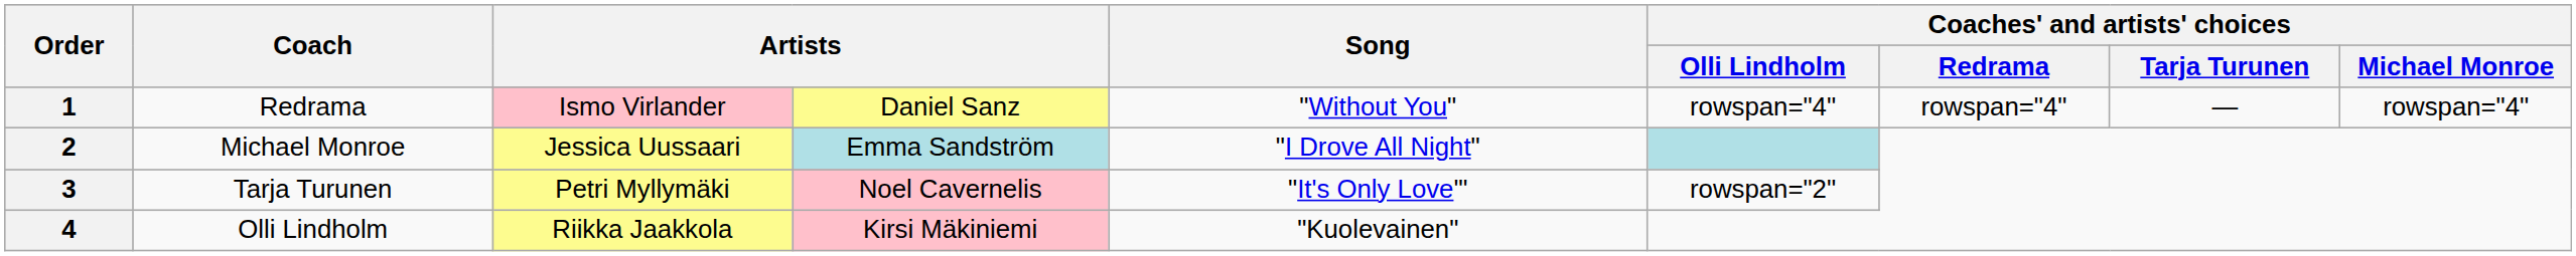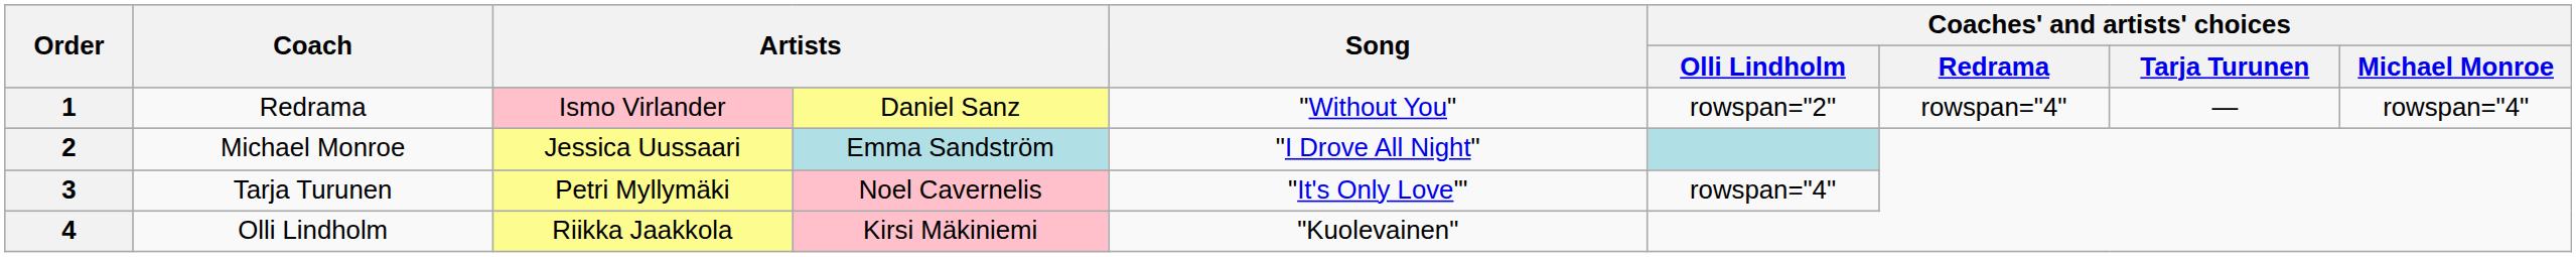 <table class="wikitable" style="text-align:center; width:100%;">
 <tr>
 <th scope="col" style="width:05%;" rowspan=2>Order</th>
 <th scope="col" style="width:14%;" rowspan=2>Coach</th>
 <th scope="col" style="width:24%;" colspan=2 rowspan=2>Artists</th>
 <th scope="col" style="width:21%;" rowspan=2>Song</th>
 <th scope="col" style="width:36%;" colspan=4>Coaches' and artists' choices</th>
 </tr>
 <tr>
 <th style="width:09%;"><a href='#'>Olli Lindholm</a></th>
 <th style="width:09%;"><a href='#'>Redrama</a></th>
 <th style="width:09%;"><a href='#'>Tarja Turunen</a></th>
 <th style="width:09%;"><a href='#'>Michael Monroe</a></th>
 </tr>
 <tr>
 <th scope="col">1</th>
 <td>Redrama</td>
 <td style="background:pink; text-align:center;">Ismo Virlander</td>
 <td style="background:#fdfc8f; text-align:center;">Daniel Sanz</td>
 <td>"<a href='#'>Without You</a>"</td>
-<td>rowspan="4" </td>
+<td>rowspan="2" </td>
 <td>rowspan="4" </td>
 <td>—</td>
 <td>rowspan="4" </td>
 </tr>
 <tr>
 <th scope="col">2</th>
 <td>Michael Monroe</td>
 <td style="background:#fdfc8f; text-align:center;">Jessica Uussaari</td>
 <td style="background:#B0E0E6; text-align:center;">Emma Sandström</td>
 <td>"<a href='#'>I Drove All Night</a>"</td>
 <td style="background:#b0e0e6;"><strong></strong></td>
 </tr>
 <tr>
 <th scope="col">3</th>
 <td>Tarja Turunen</td>
 <td style="background:#fdfc8f; text-align:center;">Petri Myllymäki</td>
 <td style="background:pink; text-align:center;">Noel Cavernelis</td>
 <td>"<a href='#'>It's Only Love</a>'"</td>
-<td>rowspan="2" </td>
+<td>rowspan="4" </td>
 </tr>
 <tr>
 <th scope="col">4</th>
 <td>Olli Lindholm</td>
 <td style="background:#fdfc8f; text-align:center;">Riikka Jaakkola</td>
 <td style="background:pink; text-align:center;">Kirsi Mäkiniemi</td>
 <td>"Kuolevainen"</td>
 </tr>
 </table>
